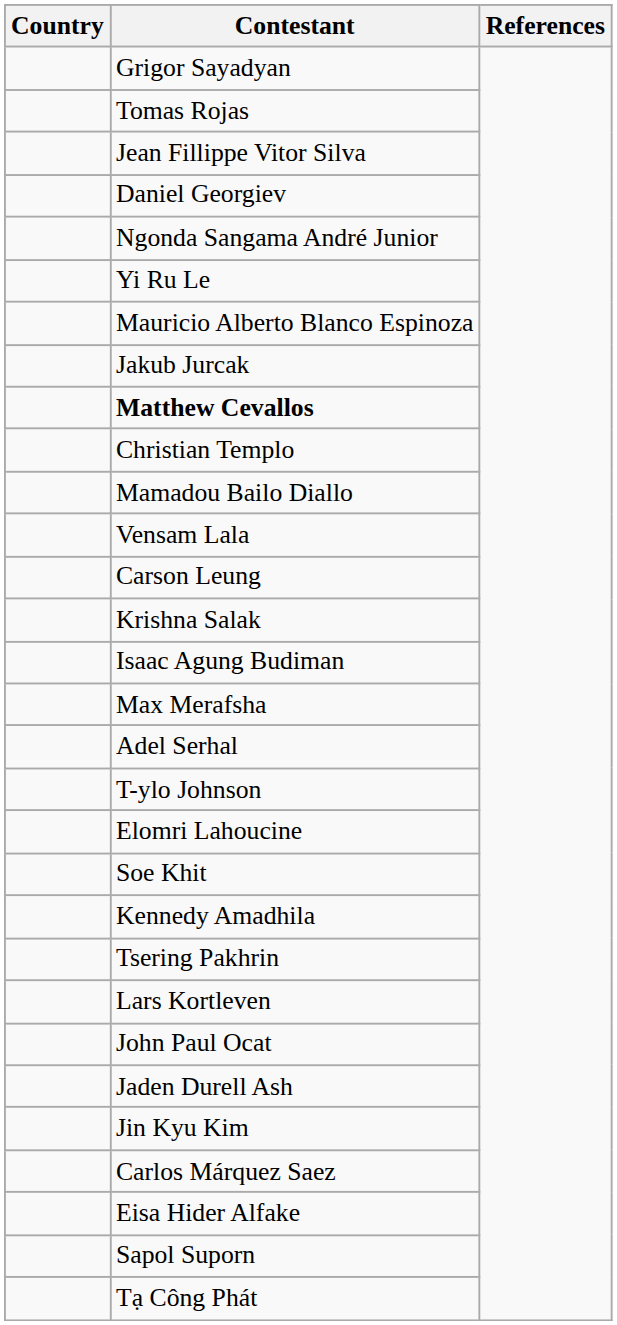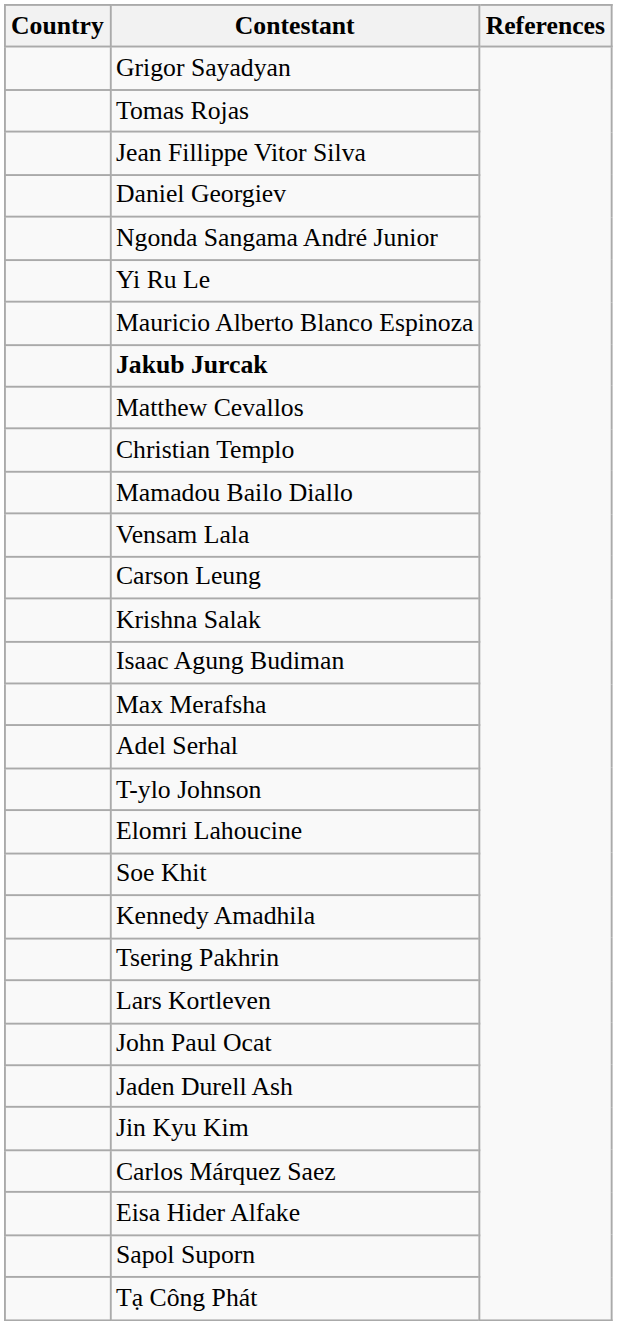 <table class="wikitable sortable" style="margin:0 1em 0 0; font-size:85%;">
 <tr>
 <th>Country</th>
 <th>Contestant</th>
 <th>References</th>
 </tr>
 <tr>
 <td></td>
 <td>Grigor Sayadyan</td>
 <td rowspan="30"></td>
 </tr>
 <tr>
 <td></td>
 <td>Tomas Rojas</td>
 </tr>
 <tr>
 <td></td>
 <td>Jean Fillippe Vitor Silva</td>
 </tr>
 <tr>
 <td></td>
 <td>Daniel Georgiev</td>
 </tr>
 <tr>
 <td></td>
 <td>Ngonda Sangama André Junior</td>
 </tr>
 <tr>
 <td></td>
 <td>Yi Ru Le</td>
 </tr>
 <tr>
 <td></td>
 <td>Mauricio Alberto Blanco Espinoza</td>
 </tr>
 <tr>
 <td></td>
-<td>Jakub Jurcak</td>
+<td><strong>Jakub Jurcak</strong></td>
 </tr>
 <tr>
 <td></td>
-<td><strong>Matthew Cevallos</strong></td>
+<td>Matthew Cevallos</td>
 </tr>
 <tr>
 <td></td>
 <td>Christian Templo</td>
 </tr>
 <tr>
 <td></td>
 <td>Mamadou Bailo Diallo</td>
 </tr>
 <tr>
 <td></td>
 <td>Vensam Lala</td>
 </tr>
 <tr>
 <td></td>
 <td>Carson Leung</td>
 </tr>
 <tr>
 <td></td>
 <td>Krishna Salak</td>
 </tr>
 <tr>
 <td></td>
 <td>Isaac Agung Budiman</td>
 </tr>
 <tr>
 <td></td>
 <td>Max Merafsha</td>
 </tr>
 <tr>
 <td></td>
 <td>Adel Serhal</td>
 </tr>
 <tr>
 <td></td>
 <td>T-ylo Johnson</td>
 </tr>
 <tr>
 <td></td>
 <td>Elomri Lahoucine</td>
 </tr>
 <tr>
 <td></td>
 <td>Soe Khit</td>
 </tr>
 <tr>
 <td></td>
 <td>Kennedy Amadhila</td>
 </tr>
 <tr>
 <td></td>
 <td>Tsering Pakhrin</td>
 </tr>
 <tr>
 <td></td>
 <td>Lars Kortleven</td>
 </tr>
 <tr>
 <td></td>
 <td>John Paul Ocat</td>
 </tr>
 <tr>
 <td></td>
 <td>Jaden Durell Ash</td>
 </tr>
 <tr>
 <td></td>
 <td>Jin Kyu Kim</td>
 </tr>
 <tr>
 <td></td>
 <td>Carlos Márquez Saez</td>
 </tr>
 <tr>
 <td></td>
 <td>Eisa Hider Alfake</td>
 </tr>
 <tr>
 <td></td>
 <td>Sapol Suporn</td>
 </tr>
 <tr>
 <td></td>
 <td>Tạ Công Phát</td>
 </tr>
 </table>
